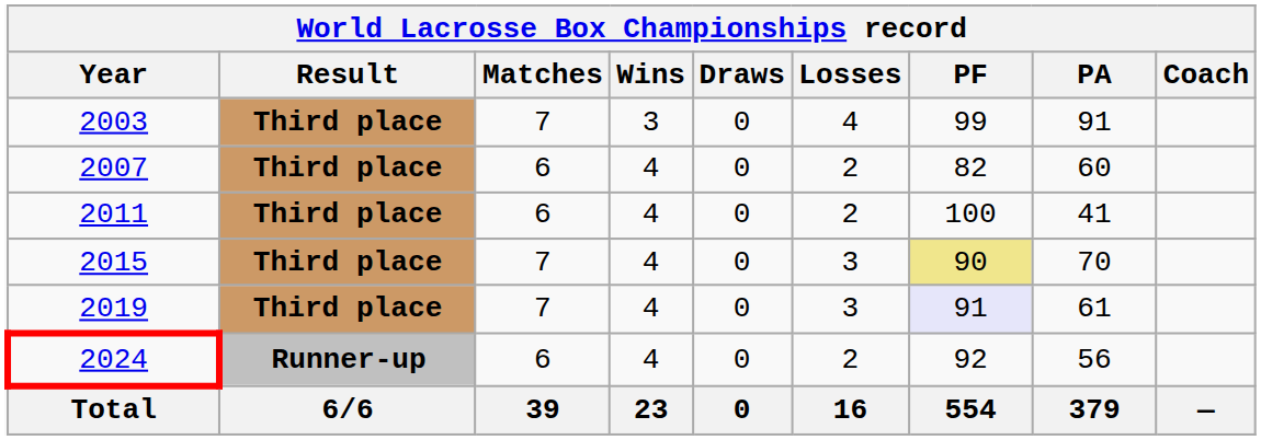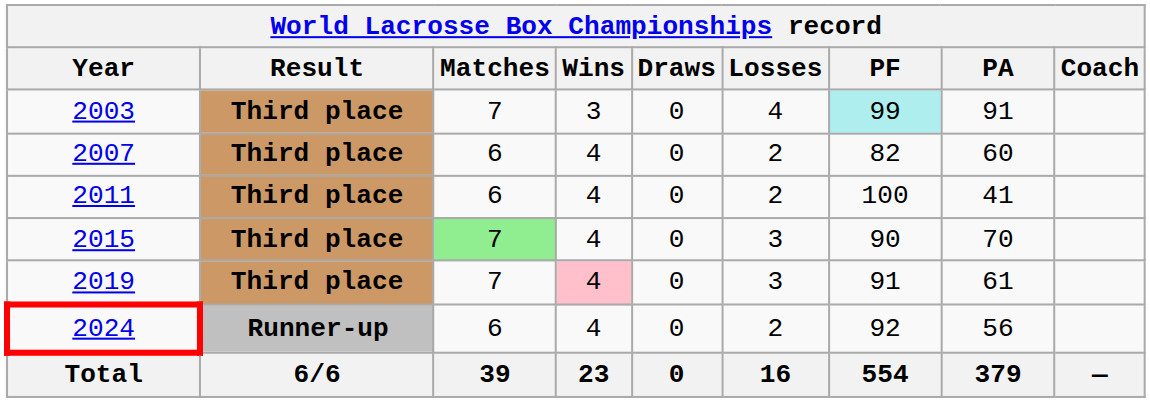 <table class="wikitable"  style="text-align:center;">
 <tr>
 <th colspan=9><strong><a href='#'>World Lacrosse Box Championships</a> record</strong></th>
 </tr>
 <tr>
 <th width=90>Year</th>
 <th width=110>Result</th>
 <th>Matches</th>
 <th>Wins</th>
 <th>Draws</th>
 <th>Losses</th>
 <th width=50>PF</th>
 <th width=50>PA</th>
 <th>Coach</th>
 </tr>
 <tr>
 <td> <a href='#'>2003</a></td>
 <td style="background:#c96;"><strong>Third place</strong></td>
 <td>7</td>
 <td>3</td>
 <td>0</td>
 <td>4</td>
-<td>99</td>
+<td style="background: paleturquoise;">99</td>
 <td>91</td>
 <td></td>
 </tr>
 <tr>
 <td> <a href='#'>2007</a></td>
 <td style="background:#c96;"><strong>Third place</strong></td>
 <td>6</td>
 <td>4</td>
 <td>0</td>
 <td>2</td>
 <td>82</td>
 <td>60</td>
 <td></td>
 </tr>
 <tr>
 <td> <a href='#'>2011</a></td>
 <td style="background:#c96;"><strong>Third place</strong></td>
 <td>6</td>
 <td>4</td>
 <td>0</td>
 <td>2</td>
 <td>100</td>
 <td>41</td>
 <td></td>
 </tr>
 <tr>
 <td> <a href='#'>2015</a></td>
 <td style="background:#c96;"><strong>Third place</strong></td>
-<td>7</td>
+<td style="background: lightgreen;">7</td>
 <td>4</td>
 <td>0</td>
 <td>3</td>
-<td style="background: khaki;">90</td>
+<td>90</td>
 <td>70</td>
 <td></td>
 </tr>
 <tr>
 <td> <a href='#'>2019</a></td>
 <td style="background:#c96;"><strong>Third place</strong></td>
 <td>7</td>
-<td>4</td>
+<td style="background: pink;">4</td>
 <td>0</td>
 <td>3</td>
-<td style="background: lavender;">91</td>
+<td>91</td>
 <td>61</td>
 <td></td>
 </tr>
 <tr>
 <td style="border: 3px solid red"> <a href='#'>2024</a></td>
 <td style="background:silver;"><strong>Runner-up</strong></td>
 <td>6</td>
 <td>4</td>
 <td>0</td>
 <td>2</td>
 <td>92</td>
 <td>56</td>
 <td></td>
 </tr>
 <tr>
 <th>Total</th>
 <th>6/6</th>
 <th>39</th>
 <th>23</th>
 <th>0</th>
 <th>16</th>
 <th>554</th>
 <th>379</th>
 <th>—</th>
 </tr>
 </table>
